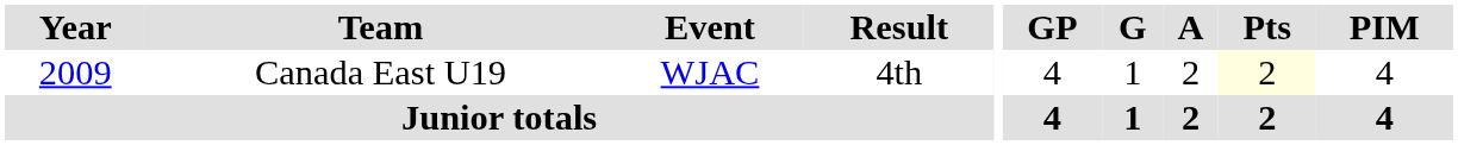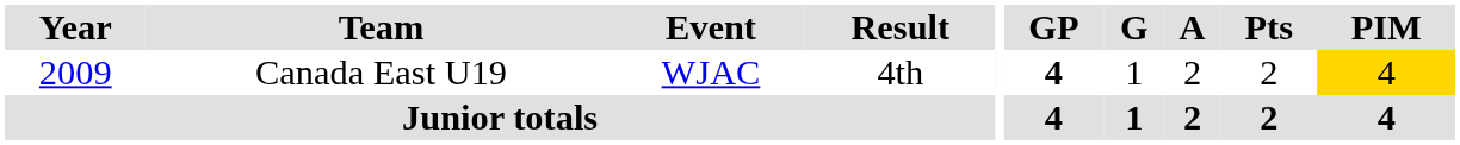 <table border="0" cellpadding="1" cellspacing="0" ID="Table3" style="text-align:center; width:40em">
 <tr ALIGN="center" bgcolor="#e0e0e0">
 <th>Year</th>
 <th>Team</th>
 <th>Event</th>
 <th>Result</th>
 <th rowspan="99" bgcolor="#ffffff"></th>
 <th>GP</th>
 <th>G</th>
 <th>A</th>
 <th>Pts</th>
 <th>PIM</th>
 </tr>
 <tr>
 <td><a href='#'>2009</a></td>
 <td>Canada East U19</td>
 <td><a href='#'>WJAC</a></td>
 <td>4th</td>
-<td>4</td>
+<td><strong>4</strong></td>
 <td>1</td>
 <td>2</td>
-<td style="background: lightyellow;">2</td>
-<td>4</td>
+<td>2</td>
+<td style="background: gold;">4</td>
 </tr>
 <tr bgcolor="#e0e0e0">
 <th colspan="4">Junior totals</th>
 <th>4</th>
 <th>1</th>
 <th>2</th>
 <th>2</th>
 <th>4</th>
 </tr>
 </table>
